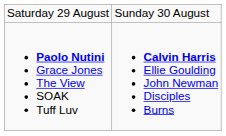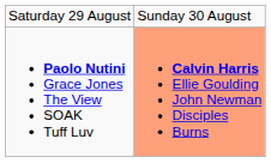 <table class="wikitable">
 <tr>
 <td>Saturday 29 August</td>
 <td>Sunday 30 August</td>
 </tr>
 <tr valign="top">
 <td><br><ul><li><strong><a href='#'>Paolo Nutini</a></strong></li><li><a href='#'>Grace Jones</a></li><li><a href='#'>The View</a></li><li>SOAK</li><li>Tuff Luv</li></ul></td>
-<td><br><ul><li><strong><a href='#'>Calvin Harris</a></strong></li><li><a href='#'>Ellie Goulding</a></li><li><a href='#'>John Newman</a></li><li><a href='#'>Disciples</a></li><li><a href='#'>Burns</a></li></ul></td>
+<td style="background: lightsalmon;"><br><ul><li><strong><a href='#'>Calvin Harris</a></strong></li><li><a href='#'>Ellie Goulding</a></li><li><a href='#'>John Newman</a></li><li><a href='#'>Disciples</a></li><li><a href='#'>Burns</a></li></ul></td>
 </tr>
 </table>
